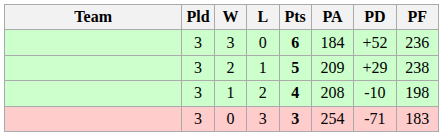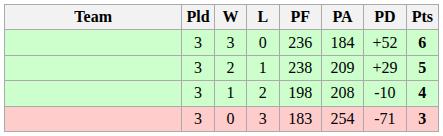 <table class="wikitable" style="text-align:center;">
 <tr>
 <th width=170>Team</th>
 <th width=25>Pld</th>
 <th width=25>W</th>
 <th width=25>L</th>
-<th width=25>Pts</th>
+<th width=35>PF</th>
 <th width=35>PA</th>
 <th width=35>PD</th>
-<th width=35>PF</th>
+<th width=25>Pts</th>
 </tr>
 <tr bgcolor="#ccffcc">
 <td align="left"></td>
 <td>3</td>
 <td>3</td>
 <td>0</td>
-<td><strong>6</strong></td>
+<td>236</td>
 <td>184</td>
 <td>+52</td>
-<td>236</td>
+<td><strong>6</strong></td>
 </tr>
 <tr bgcolor="#ccffcc">
 <td align="left"></td>
 <td>3</td>
 <td>2</td>
 <td>1</td>
-<td><strong>5</strong></td>
+<td>238</td>
 <td>209</td>
 <td>+29</td>
-<td>238</td>
+<td><strong>5</strong></td>
 </tr>
 <tr bgcolor="#ccffcc">
 <td align="left"></td>
 <td>3</td>
 <td>1</td>
 <td>2</td>
-<td><strong>4</strong></td>
+<td>198</td>
 <td>208</td>
 <td>-10</td>
-<td>198</td>
+<td><strong>4</strong></td>
 </tr>
 <tr bgcolor=ffcccc>
 <td align="left"></td>
 <td>3</td>
 <td>0</td>
 <td>3</td>
-<td><strong>3</strong></td>
+<td>183</td>
 <td>254</td>
 <td>-71</td>
-<td>183</td>
+<td><strong>3</strong></td>
 </tr>
 </table>
